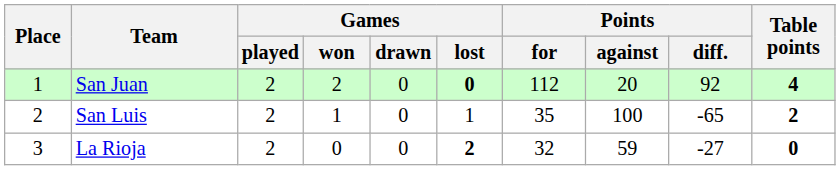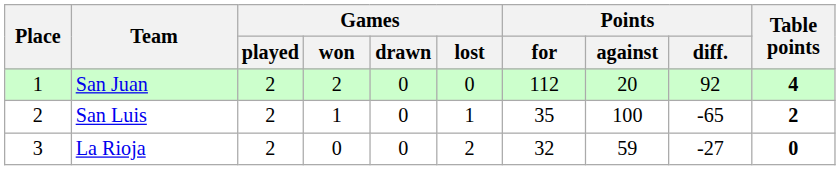 <table class="wikitable">
 <tr>
 <th rowspan=2 width="8%">Place</th>
 <th rowspan=2 width="20%">Team</th>
 <th colspan=4 width="32%">Games</th>
 <th colspan=3 width="30%">Points</th>
 <th rowspan=2 width="10%">Table<br>points</th>
 </tr>
 <tr>
 <th width="8%">played</th>
 <th width="8%">won</th>
 <th width="8%">drawn</th>
 <th width="8%">lost</th>
 <th width="10%">for</th>
 <th width="10%">against</th>
 <th width="10%">diff.</th>
 </tr>
 <tr align=center style="background: #ccffcc;">
 <td>1</td>
 <td align=left><a href='#'>San Juan</a></td>
 <td>2</td>
 <td>2</td>
 <td>0</td>
-<td><strong>0</strong></td>
+<td>0</td>
 <td>112</td>
 <td>20</td>
 <td>92</td>
 <td><strong>4</strong></td>
 </tr>
 <tr align=center style="background: #ffffff;">
 <td>2</td>
 <td align=left><a href='#'>San Luis</a></td>
 <td>2</td>
 <td>1</td>
 <td>0</td>
 <td>1</td>
 <td>35</td>
 <td>100</td>
 <td>-65</td>
 <td><strong>2</strong></td>
 </tr>
 <tr align=center style="background: #ffffff;">
 <td>3</td>
 <td align=left><a href='#'>La Rioja</a></td>
 <td>2</td>
 <td>0</td>
 <td>0</td>
-<td><strong>2</strong></td>
+<td>2</td>
 <td>32</td>
 <td>59</td>
 <td>-27</td>
 <td><strong>0</strong></td>
 </tr>
 </table>
